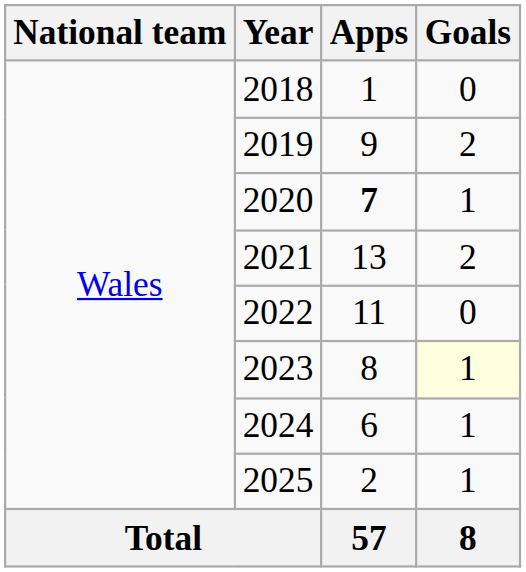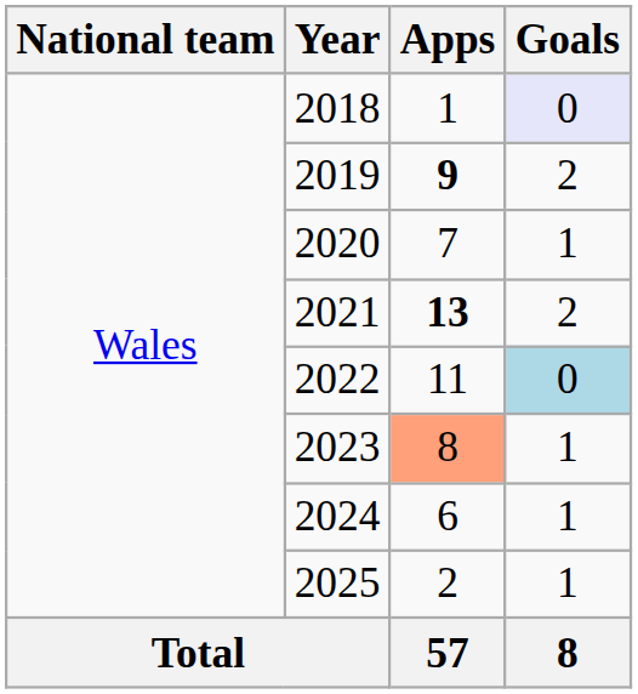 <table class="wikitable" style="text-align: center;">
 <tr>
 <th>National team</th>
 <th>Year</th>
 <th>Apps</th>
 <th>Goals</th>
 </tr>
 <tr>
 <td rowspan="8"><a href='#'>Wales</a></td>
 <td>2018</td>
 <td>1</td>
-<td>0</td>
+<td style="background: lavender;">0</td>
 </tr>
 <tr>
 <td>2019</td>
-<td>9</td>
+<td><strong>9</strong></td>
 <td>2</td>
 </tr>
 <tr>
 <td>2020</td>
-<td><strong>7</strong></td>
+<td>7</td>
 <td>1</td>
 </tr>
 <tr>
 <td>2021</td>
-<td>13</td>
+<td><strong>13</strong></td>
 <td>2</td>
 </tr>
 <tr>
 <td>2022</td>
 <td>11</td>
-<td>0</td>
+<td style="background: lightblue;">0</td>
 </tr>
 <tr>
 <td>2023</td>
-<td>8</td>
-<td style="background: lightyellow;">1</td>
+<td style="background: lightsalmon;">8</td>
+<td>1</td>
 </tr>
 <tr>
 <td>2024</td>
 <td>6</td>
 <td>1</td>
 </tr>
 <tr>
 <td>2025</td>
 <td>2</td>
 <td>1</td>
 </tr>
 <tr>
 <th colspan="2">Total</th>
 <th>57</th>
 <th>8</th>
 </tr>
 </table>
